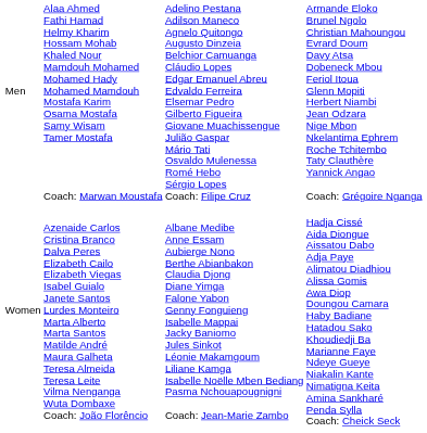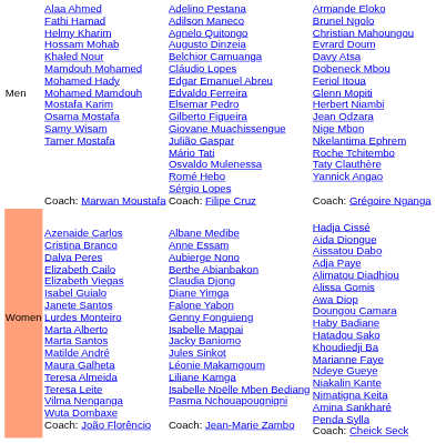 <table>
 <tr>
 <td>Men<br> <br> </td>
 <td><br><a href='#'>Alaa Ahmed</a><br><a href='#'>Fathi Hamad</a><br><a href='#'>Helmy Kharim</a><br><a href='#'>Hossam Mohab</a><br><a href='#'>Khaled Nour</a><br><a href='#'>Mamdouh Mohamed</a><br><a href='#'>Mohamed Hady</a><br><a href='#'>Mohamed Mamdouh</a><br><a href='#'>Mostafa Karim</a><br><a href='#'>Osama Mostafa</a><br><a href='#'>Samy Wisam</a><br><a href='#'>Tamer Mostafa</a> <br> <br> <br> <br> <br> Coach: <a href='#'>Marwan Moustafa</a></td>
 <td><br><a href='#'>Adelino Pestana</a><br><a href='#'>Adilson Maneco</a><br><a href='#'>Agnelo Quitongo</a><br><a href='#'>Augusto Dinzeia</a><br><a href='#'>Belchior Camuanga</a><br><a href='#'>Cláudio Lopes</a><br><a href='#'>Edgar Emanuel Abreu</a><br><a href='#'>Edvaldo Ferreira</a><br><a href='#'>Elsemar Pedro</a><br><a href='#'>Gilberto Figueira</a><br><a href='#'>Giovane Muachissengue</a><br><a href='#'>Julião Gaspar</a><br><a href='#'>Mário Tati</a><br><a href='#'>Osvaldo Mulenessa</a><br><a href='#'>Romé Hebo</a><br><a href='#'>Sérgio Lopes</a><br>Coach: <a href='#'>Filipe Cruz</a></td>
 <td><br><a href='#'>Armande Eloko</a><br><a href='#'>Brunel Ngolo</a><br><a href='#'>Christian Mahoungou</a><br><a href='#'>Evrard Doum</a><br><a href='#'>Davy Atsa</a><br><a href='#'>Dobeneck Mbou</a><br><a href='#'>Feriol Itoua</a><br><a href='#'>Glenn Mopiti</a><br><a href='#'>Herbert Niambi</a><br><a href='#'>Jean Odzara</a><br><a href='#'>Nige Mbon</a><br><a href='#'>Nkelantima Ephrem</a><br><a href='#'>Roche Tchitembo</a><br><a href='#'>Taty Clauthère</a><br><a href='#'>Yannick Angao</a><br>  <br> Coach: <a href='#'>Grégoire Nganga</a></td>
 </tr>
 <tr>
-<td>Women<br> <br> </td>
+<td style="background: lightsalmon;">Women<br> <br> </td>
 <td><br><a href='#'>Azenaide Carlos</a><br><a href='#'>Cristina Branco</a><br><a href='#'>Dalva Peres</a><br><a href='#'>Elizabeth Cailo</a><br><a href='#'>Elizabeth Viegas</a><br><a href='#'>Isabel Guialo</a><br><a href='#'>Janete Santos</a><br><a href='#'>Lurdes Monteiro</a><br><a href='#'>Marta Alberto</a><br><a href='#'>Marta Santos</a><br><a href='#'>Matilde André</a><br><a href='#'>Maura Galheta</a><br><a href='#'>Teresa Almeida</a><br><a href='#'>Teresa Leite</a><br><a href='#'>Vilma Nenganga</a><br><a href='#'>Wuta Dombaxe</a><br>Coach: <a href='#'>João Florêncio</a></td>
 <td><br><a href='#'>Albane Medibe</a><br><a href='#'>Anne Essam</a><br><a href='#'>Aubierge Nono</a><br><a href='#'>Berthe Abianbakon</a><br><a href='#'>Claudia Djong</a><br><a href='#'>Diane Yimga</a><br><a href='#'>Falone Yabon</a><br><a href='#'>Genny Fonguieng</a><br><a href='#'>Isabelle Mappai</a><br><a href='#'>Jacky Baniomo</a><br><a href='#'>Jules Sinkot</a><br><a href='#'>Léonie Makamgoum</a><br><a href='#'>Liliane Kamga</a><br><a href='#'>Isabelle Noëlle Mben Bediang</a><br><a href='#'>Pasma Nchouapougnigni</a><br><br>Coach: <a href='#'>Jean-Marie Zambo</a></td>
 <td><br><a href='#'>Hadja Cissé</a><br><a href='#'>Aida Diongue</a><br><a href='#'>Aissatou Dabo</a><br><a href='#'>Adja Paye</a><br><a href='#'>Alimatou Diadhiou</a><br><a href='#'>Alissa Gomis</a><br><a href='#'>Awa Diop</a><br><a href='#'>Doungou Camara</a><br><a href='#'>Haby Badiane</a><br><a href='#'>Hatadou Sako</a><br><a href='#'>Khoudiedji Ba</a><br><a href='#'>Marianne Faye</a><br><a href='#'>Ndeye Gueye</a><br><a href='#'>Niakalin Kante</a><br><a href='#'>Nimatigna Keita</a><br><a href='#'>Amina Sankharé</a><br><a href='#'>Penda Sylla</a><br>Coach: <a href='#'>Cheick Seck</a></td>
 </tr>
 </table>
